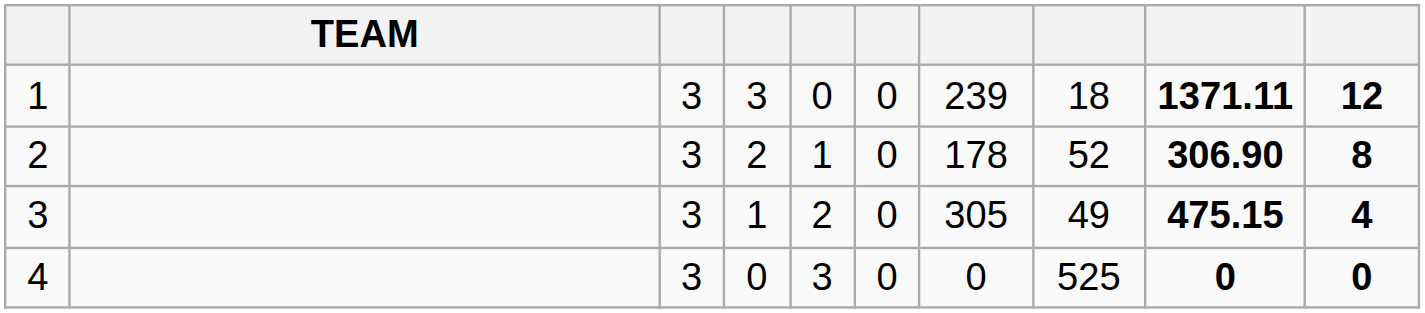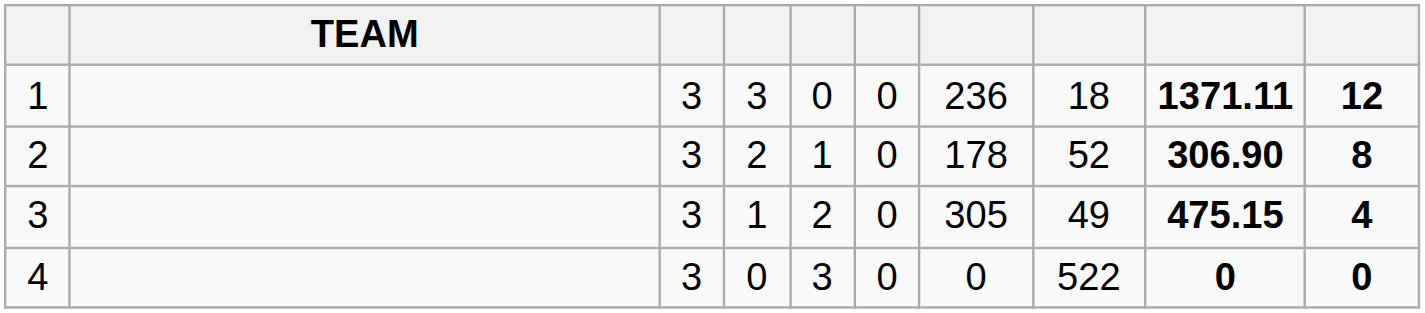 <table class="wikitable" style="text-align: center;">
 <tr>
 <th width=20></th>
 <th width=240>TEAM</th>
 <th width=20></th>
 <th width=20></th>
 <th width=20></th>
 <th width=20></th>
 <th width=40></th>
 <th width=40></th>
 <th width=60></th>
 <th width=40></th>
 </tr>
 <tr>
 <td>1</td>
 <td align="left"></td>
 <td>3</td>
 <td>3</td>
 <td>0</td>
 <td>0</td>
-<td>239</td>
+<td>236</td>
 <td>18</td>
 <td><strong>1371.11</strong></td>
 <td><strong>12</strong></td>
 </tr>
 <tr>
 <td>2</td>
 <td align="left"></td>
 <td>3</td>
 <td>2</td>
 <td>1</td>
 <td>0</td>
 <td>178</td>
 <td>52</td>
 <td><strong>306.90</strong></td>
 <td><strong>8</strong></td>
 </tr>
 <tr>
 <td>3</td>
 <td align="left"></td>
 <td>3</td>
 <td>1</td>
 <td>2</td>
 <td>0</td>
 <td>305</td>
 <td>49</td>
 <td><strong>475.15</strong></td>
 <td><strong>4</strong></td>
 </tr>
 <tr>
 <td>4</td>
 <td align="left"></td>
 <td>3</td>
 <td>0</td>
 <td>3</td>
 <td>0</td>
 <td>0</td>
-<td>525</td>
+<td>522</td>
 <td><strong>0</strong></td>
 <td><strong>0</strong></td>
 </tr>
 </table>
